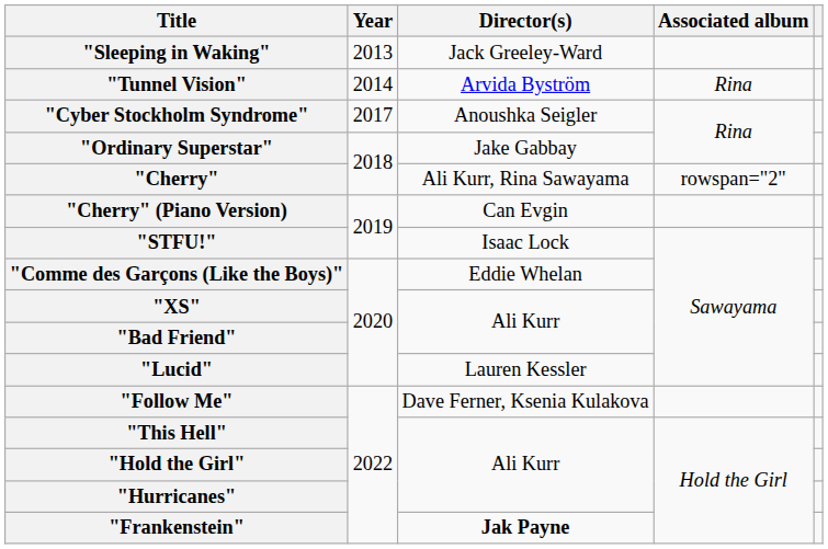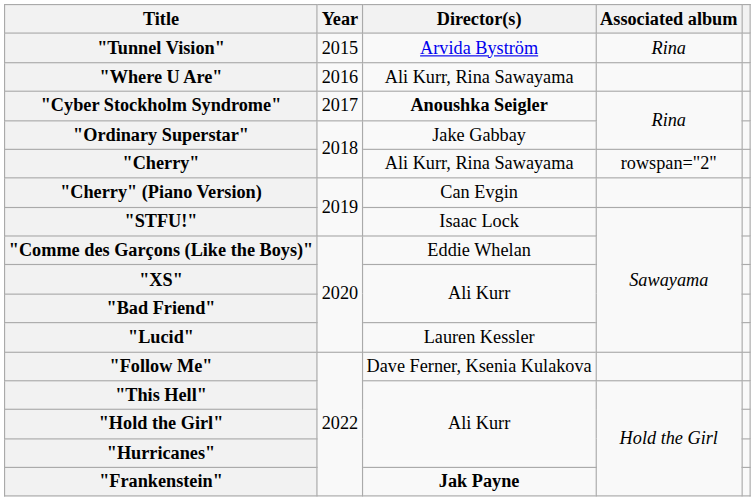 <table class="wikitable plainrowheaders" style="text-align:center">
 <tr>
 <th>Title</th>
 <th>Year</th>
 <th>Director(s)</th>
 <th>Associated album</th>
 <th></th>
 </tr>
 <tr>
-<th scope="row">"Sleeping in Waking"</th>
-<td>2013</td>
-<td>Jack Greeley-Ward</td>
-<td></td>
-<td></td>
-</tr>
-<tr>
 <th scope="row">"Tunnel Vision"</th>
-<td>2014</td>
+<td>2015</td>
 <td><a href='#'>Arvida Byström</a></td>
 <td><em>Rina</em></td>
 <td></td>
 </tr>
 <tr>
+<th scope="row">"Where U Are"</th>
+<td>2016</td>
+<td>Ali Kurr, Rina Sawayama</td>
+<td></td>
+<td></td>
+</tr>
+<tr>
 <th scope="row">"Cyber Stockholm Syndrome"</th>
 <td>2017</td>
-<td>Anoushka Seigler</td>
+<td><strong>Anoushka Seigler</strong></td>
 <td rowspan="2"><em>Rina</em></td>
 <td></td>
 </tr>
 <tr>
 <th scope="row">"Ordinary Superstar"</th>
 <td rowspan="2">2018</td>
 <td>Jake Gabbay</td>
 <td></td>
 </tr>
 <tr>
 <th scope="row">"Cherry"</th>
 <td>Ali Kurr, Rina Sawayama</td>
 <td>rowspan="2" </td>
 <td></td>
 </tr>
 <tr>
 <th scope="row">"Cherry" (Piano Version)</th>
 <td rowspan="2">2019</td>
 <td>Can Evgin</td>
 <td></td>
 </tr>
 <tr>
 <th scope="row">"STFU!"</th>
 <td>Isaac Lock</td>
 <td rowspan="5"><em>Sawayama</em></td>
 <td></td>
 </tr>
 <tr>
 <th scope="row">"Comme des Garçons (Like the Boys)"</th>
 <td rowspan="4">2020</td>
 <td>Eddie Whelan</td>
 <td></td>
 </tr>
 <tr>
 <th scope="row">"XS"</th>
 <td rowspan="2">Ali Kurr</td>
 <td></td>
 </tr>
 <tr>
 <th scope="row">"Bad Friend"</th>
 <td></td>
 </tr>
 <tr>
 <th scope="row">"Lucid"</th>
 <td>Lauren Kessler</td>
 <td></td>
 </tr>
 <tr>
 <th scope="row">"Follow Me"<br></th>
 <td rowspan="5">2022</td>
 <td>Dave Ferner, Ksenia Kulakova</td>
 <td></td>
 <td></td>
 </tr>
 <tr>
 <th scope="row">"This Hell"</th>
 <td rowspan="3">Ali Kurr</td>
 <td rowspan="4"><em>Hold the Girl</em></td>
 <td></td>
 </tr>
 <tr>
 <th scope="row">"Hold the Girl"</th>
 <td></td>
 </tr>
 <tr>
 <th scope="row">"Hurricanes"</th>
 <td></td>
 </tr>
 <tr>
 <th scope="row">"Frankenstein"</th>
 <td><strong>Jak Payne</strong></td>
 <td></td>
 </tr>
 </table>
